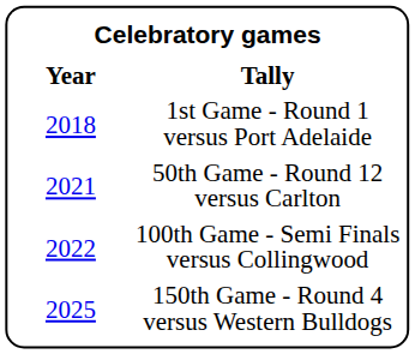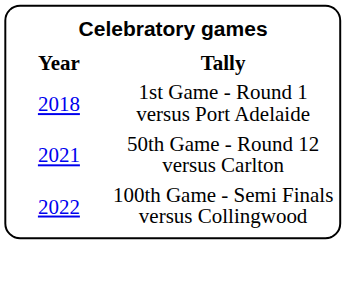 <table style="margin-right:4px; margin-top:8px; float:right; border:1px #000 solid; border-radius:8px; background:#fff; font-family:Verdana; font-size:8pt; text-align:center;">
 <tr style="background:#fff;">
 <td colspan="2;" style="padding:3px; margin-bottom:-3px; margin-top:2px; font-family:Arial; "><strong>Celebratory games</strong></td>
 </tr>
 <tr>
 <th style="width:30%;">Year</th>
 <th style="width:70%;">Tally</th>
 </tr>
 <tr>
 <td><a href='#'>2018</a></td>
 <td>1st Game - Round 1<br>versus Port Adelaide</td>
 </tr>
 <tr>
 <td><a href='#'>2021</a></td>
 <td>50th Game - Round 12<br>versus Carlton</td>
 </tr>
 <tr>
 <td><a href='#'>2022</a></td>
 <td>100th Game - Semi Finals<br>versus Collingwood</td>
 </tr>
 <tr>
-<td><a href='#'>2025</a></td>
-<td>150th Game - Round 4<br>versus Western Bulldogs</td>
-</tr>
-<tr>
 </tr>
 </table>
